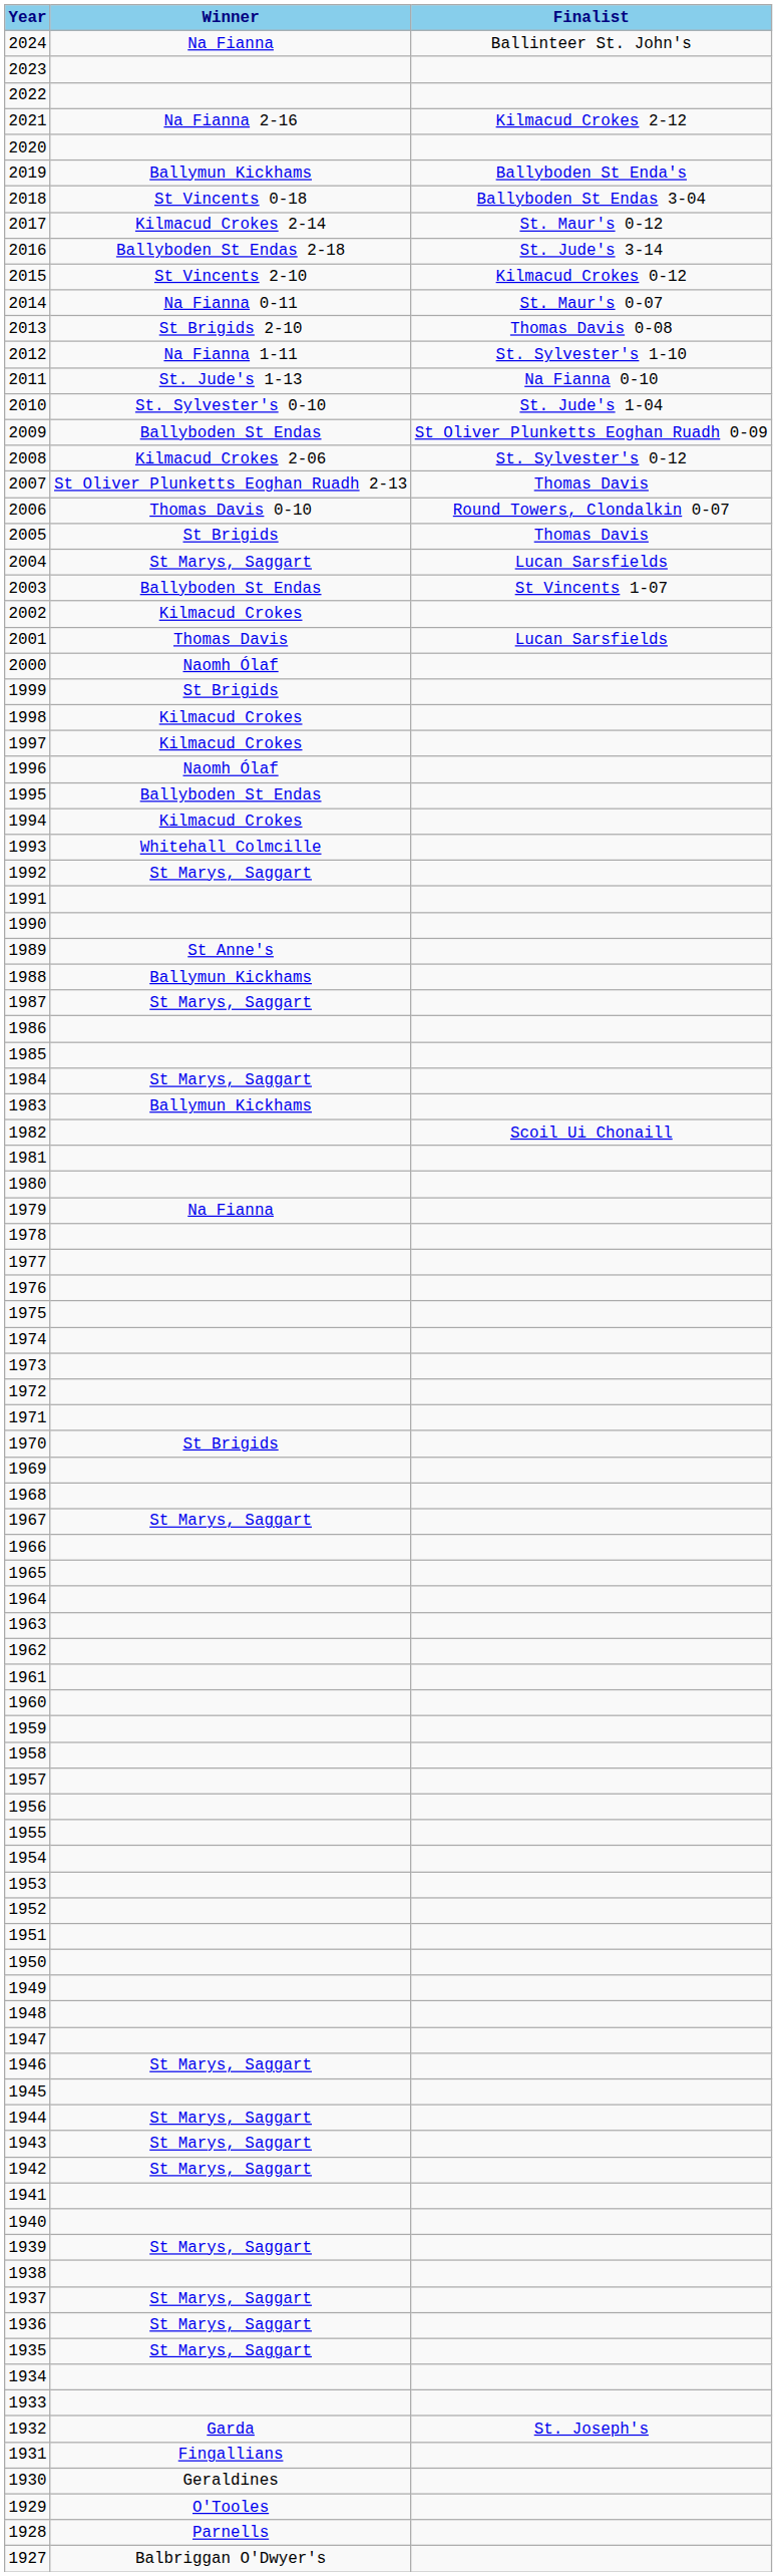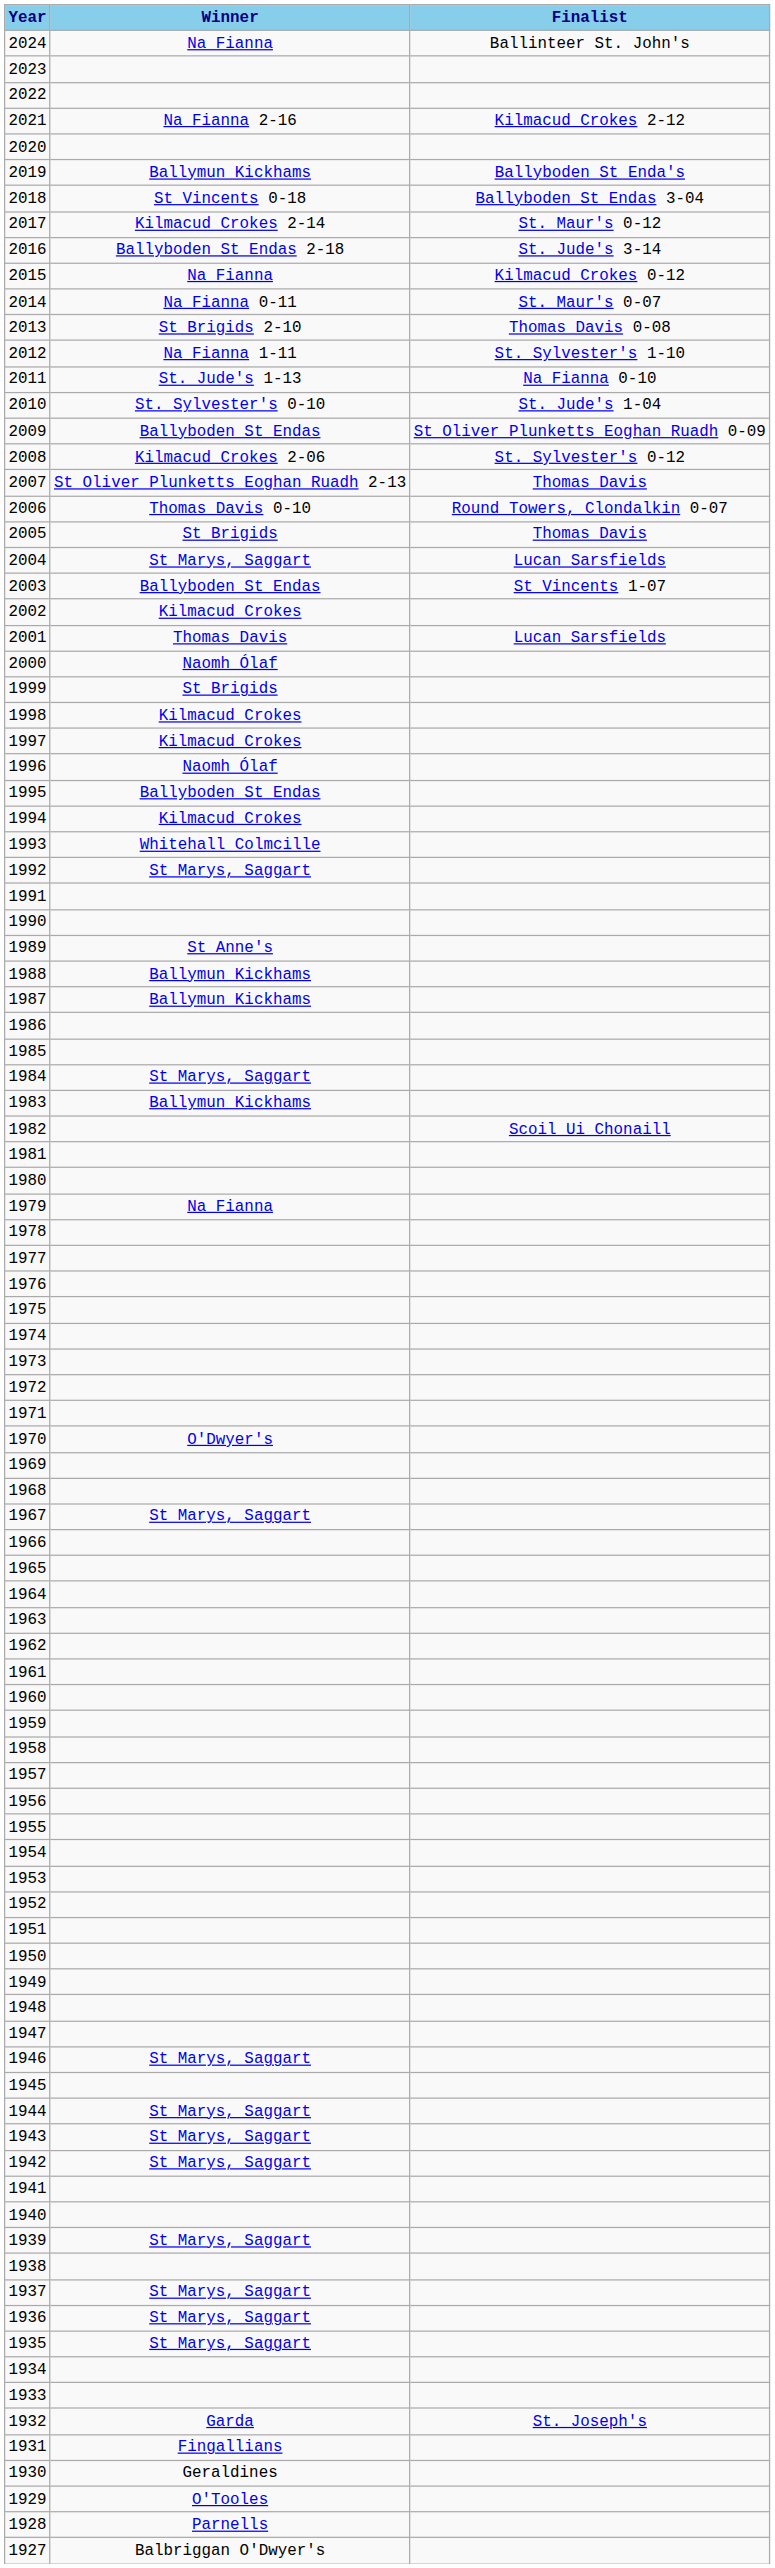 <table class="wikitable" style="text-align:center;">
 <tr>
 <th style="background:skyblue;color:navy;">Year</th>
 <th style="background:skyblue;color:navy;">Winner</th>
 <th style="background:skyblue;color:navy;">Finalist</th>
 </tr>
 <tr>
 <td>2024</td>
 <td><a href='#'>Na Fianna</a></td>
 <td>Ballinteer St. John's</td>
 </tr>
 <tr>
 <td>2023</td>
 <td></td>
 <td></td>
 </tr>
 <tr>
 <td>2022</td>
 <td></td>
 <td></td>
 </tr>
 <tr>
 <td>2021</td>
 <td><a href='#'>Na Fianna</a> 2-16</td>
 <td><a href='#'>Kilmacud Crokes</a> 2-12</td>
 </tr>
 <tr>
 <td>2020</td>
 <td></td>
 <td></td>
 </tr>
 <tr>
 <td>2019</td>
 <td><a href='#'>Ballymun Kickhams</a></td>
 <td><a href='#'>Ballyboden St Enda's</a></td>
 </tr>
 <tr>
 <td>2018</td>
 <td><a href='#'>St Vincents</a>  0-18</td>
 <td><a href='#'>Ballyboden St Endas</a>  3-04</td>
 </tr>
 <tr>
 <td>2017</td>
 <td><a href='#'>Kilmacud Crokes</a> 2-14</td>
 <td><a href='#'>St. Maur's</a> 0-12</td>
 </tr>
 <tr>
 <td>2016</td>
 <td><a href='#'>Ballyboden St Endas</a> 2-18</td>
 <td><a href='#'>St. Jude's</a> 3-14</td>
 </tr>
 <tr>
 <td>2015</td>
-<td><a href='#'>St Vincents</a> 2-10</td>
+<td><a href='#'>Na Fianna</a></td>
 <td><a href='#'>Kilmacud Crokes</a> 0-12</td>
 </tr>
 <tr>
 <td>2014</td>
 <td><a href='#'>Na Fianna</a> 0-11</td>
 <td><a href='#'>St. Maur's</a> 0-07</td>
 </tr>
 <tr>
 <td>2013</td>
 <td><a href='#'>St Brigids</a> 2-10</td>
 <td><a href='#'>Thomas Davis</a> 0-08</td>
 </tr>
 <tr>
 <td>2012</td>
 <td><a href='#'>Na Fianna</a> 1-11</td>
 <td><a href='#'>St. Sylvester's</a> 1-10</td>
 </tr>
 <tr>
 <td>2011</td>
 <td><a href='#'>St. Jude's</a> 1-13</td>
 <td><a href='#'>Na Fianna</a> 0-10</td>
 </tr>
 <tr>
 <td>2010</td>
 <td><a href='#'>St. Sylvester's</a> 0-10</td>
 <td><a href='#'>St. Jude's</a> 1-04</td>
 </tr>
 <tr>
 <td>2009</td>
 <td><a href='#'>Ballyboden St Endas</a></td>
 <td><a href='#'>St Oliver Plunketts Eoghan Ruadh</a> 0-09</td>
 </tr>
 <tr>
 <td>2008</td>
 <td><a href='#'>Kilmacud Crokes</a> 2-06</td>
 <td><a href='#'>St. Sylvester's</a> 0-12</td>
 </tr>
 <tr>
 <td>2007</td>
 <td><a href='#'>St Oliver Plunketts Eoghan Ruadh</a> 2-13</td>
 <td><a href='#'>Thomas Davis</a></td>
 </tr>
 <tr>
 <td>2006</td>
 <td><a href='#'>Thomas Davis</a> 0-10</td>
 <td><a href='#'>Round Towers, Clondalkin</a> 0-07</td>
 </tr>
 <tr>
 <td>2005</td>
 <td><a href='#'>St Brigids</a></td>
 <td><a href='#'>Thomas Davis</a></td>
 </tr>
 <tr>
 <td>2004</td>
 <td><a href='#'>St Marys, Saggart</a></td>
 <td><a href='#'>Lucan Sarsfields</a></td>
 </tr>
 <tr>
 <td>2003</td>
 <td><a href='#'>Ballyboden St Endas</a></td>
 <td><a href='#'>St Vincents</a>  1-07</td>
 </tr>
 <tr>
 <td>2002</td>
 <td><a href='#'>Kilmacud Crokes</a></td>
 <td></td>
 </tr>
 <tr>
 <td>2001</td>
 <td><a href='#'>Thomas Davis</a></td>
 <td><a href='#'>Lucan Sarsfields</a></td>
 </tr>
 <tr>
 <td>2000</td>
 <td><a href='#'>Naomh Ólaf</a></td>
 <td></td>
 </tr>
 <tr>
 <td>1999</td>
 <td><a href='#'>St Brigids</a></td>
 <td></td>
 </tr>
 <tr>
 <td>1998</td>
 <td><a href='#'>Kilmacud Crokes</a></td>
 <td></td>
 </tr>
 <tr>
 <td>1997</td>
 <td><a href='#'>Kilmacud Crokes</a></td>
 <td></td>
 </tr>
 <tr>
 <td>1996</td>
 <td><a href='#'>Naomh Ólaf</a></td>
 <td></td>
 </tr>
 <tr>
 <td>1995</td>
 <td><a href='#'>Ballyboden St Endas</a></td>
 <td></td>
 </tr>
 <tr>
 <td>1994</td>
 <td><a href='#'>Kilmacud Crokes</a></td>
 <td></td>
 </tr>
 <tr>
 <td>1993</td>
 <td><a href='#'>Whitehall Colmcille</a></td>
 <td></td>
 </tr>
 <tr>
 <td>1992</td>
 <td><a href='#'>St Marys, Saggart</a></td>
 <td></td>
 </tr>
 <tr>
 <td>1991</td>
 <td></td>
 <td></td>
 </tr>
 <tr>
 <td>1990</td>
 <td></td>
 <td></td>
 </tr>
 <tr>
 <td>1989</td>
 <td><a href='#'>St Anne's</a></td>
 <td></td>
 </tr>
 <tr>
 <td>1988</td>
 <td><a href='#'>Ballymun Kickhams</a></td>
 <td></td>
 </tr>
 <tr>
 <td>1987</td>
-<td><a href='#'>St Marys, Saggart</a></td>
+<td><a href='#'>Ballymun Kickhams</a></td>
 <td></td>
 </tr>
 <tr>
 <td>1986</td>
 <td></td>
 <td></td>
 </tr>
 <tr>
 <td>1985</td>
 <td></td>
 <td></td>
 </tr>
 <tr>
 <td>1984</td>
 <td><a href='#'>St Marys, Saggart</a></td>
 <td></td>
 </tr>
 <tr>
 <td>1983</td>
 <td><a href='#'>Ballymun Kickhams</a></td>
 <td></td>
 </tr>
 <tr>
 <td>1982</td>
 <td></td>
 <td><a href='#'>Scoil Ui Chonaill</a></td>
 </tr>
 <tr>
 <td>1981</td>
 <td></td>
 <td></td>
 </tr>
 <tr>
 <td>1980</td>
 <td></td>
 <td></td>
 </tr>
 <tr>
 <td>1979</td>
 <td><a href='#'>Na Fianna</a></td>
 <td></td>
 </tr>
 <tr>
 <td>1978</td>
 <td></td>
 <td></td>
 </tr>
 <tr>
 <td>1977</td>
 <td></td>
 <td></td>
 </tr>
 <tr>
 <td>1976</td>
 <td></td>
 <td></td>
 </tr>
 <tr>
 <td>1975</td>
 <td></td>
 <td></td>
 </tr>
 <tr>
 <td>1974</td>
 <td></td>
 <td></td>
 </tr>
 <tr>
 <td>1973</td>
 <td></td>
 <td></td>
 </tr>
 <tr>
 <td>1972</td>
 <td></td>
 <td></td>
 </tr>
 <tr>
 <td>1971</td>
 <td></td>
 <td></td>
 </tr>
 <tr>
 <td>1970</td>
-<td><a href='#'>St Brigids</a></td>
+<td><a href='#'>O'Dwyer's</a></td>
 <td></td>
 </tr>
 <tr>
 <td>1969</td>
 <td></td>
 <td></td>
 </tr>
 <tr>
 <td>1968</td>
 <td></td>
 <td></td>
 </tr>
 <tr>
 <td>1967</td>
 <td><a href='#'>St Marys, Saggart</a></td>
 <td></td>
 </tr>
 <tr>
 <td>1966</td>
 <td></td>
 <td></td>
 </tr>
 <tr>
 <td>1965</td>
 <td></td>
 <td></td>
 </tr>
 <tr>
 <td>1964</td>
 <td></td>
 <td></td>
 </tr>
 <tr>
 <td>1963</td>
 <td></td>
 <td></td>
 </tr>
 <tr>
 <td>1962</td>
 <td></td>
 <td></td>
 </tr>
 <tr>
 <td>1961</td>
 <td></td>
 <td></td>
 </tr>
 <tr>
 <td>1960</td>
 <td></td>
 <td></td>
 </tr>
 <tr>
 <td>1959</td>
 <td></td>
 <td></td>
 </tr>
 <tr>
 <td>1958</td>
 <td></td>
 <td></td>
 </tr>
 <tr>
 <td>1957</td>
 <td></td>
 <td></td>
 </tr>
 <tr>
 <td>1956</td>
 <td></td>
 <td></td>
 </tr>
 <tr>
 <td>1955</td>
 <td></td>
 <td></td>
 </tr>
 <tr>
 <td>1954</td>
 <td></td>
 <td></td>
 </tr>
 <tr>
 <td>1953</td>
 <td></td>
 <td></td>
 </tr>
 <tr>
 <td>1952</td>
 <td></td>
 <td></td>
 </tr>
 <tr>
 <td>1951</td>
 <td></td>
 <td></td>
 </tr>
 <tr>
 <td>1950</td>
 <td></td>
 <td></td>
 </tr>
 <tr>
 <td>1949</td>
 <td></td>
 <td></td>
 </tr>
 <tr>
 <td>1948</td>
 <td></td>
 <td></td>
 </tr>
 <tr>
 <td>1947</td>
 <td></td>
 <td></td>
 </tr>
 <tr>
 <td>1946</td>
 <td><a href='#'>St Marys, Saggart</a></td>
 <td></td>
 </tr>
 <tr>
 <td>1945</td>
 <td></td>
 <td></td>
 </tr>
 <tr>
 <td>1944</td>
 <td><a href='#'>St Marys, Saggart</a></td>
 <td></td>
 </tr>
 <tr>
 <td>1943</td>
 <td><a href='#'>St Marys, Saggart</a></td>
 <td></td>
 </tr>
 <tr>
 <td>1942</td>
 <td><a href='#'>St Marys, Saggart</a></td>
 <td></td>
 </tr>
 <tr>
 <td>1941</td>
 <td></td>
 <td></td>
 </tr>
 <tr>
 <td>1940</td>
 <td></td>
 <td></td>
 </tr>
 <tr>
 <td>1939</td>
 <td><a href='#'>St Marys, Saggart</a></td>
 <td></td>
 </tr>
 <tr>
 <td>1938</td>
 <td></td>
 <td></td>
 </tr>
 <tr>
 <td>1937</td>
 <td><a href='#'>St Marys, Saggart</a></td>
 <td></td>
 </tr>
 <tr>
 <td>1936</td>
 <td><a href='#'>St Marys, Saggart</a></td>
 <td></td>
 </tr>
 <tr>
 <td>1935</td>
 <td><a href='#'>St Marys, Saggart</a></td>
 <td></td>
 </tr>
 <tr>
 <td>1934</td>
 <td></td>
 <td></td>
 </tr>
 <tr>
 <td>1933</td>
 <td></td>
 <td></td>
 </tr>
 <tr>
 <td>1932</td>
 <td><a href='#'>Garda</a></td>
 <td><a href='#'>St. Joseph's</a></td>
 </tr>
 <tr>
 <td>1931</td>
 <td><a href='#'>Fingallians</a></td>
 <td></td>
 </tr>
 <tr>
 <td>1930</td>
 <td>Geraldines</td>
 <td></td>
 </tr>
 <tr>
 <td>1929</td>
 <td><a href='#'>O'Tooles</a></td>
 <td></td>
 </tr>
 <tr>
 <td>1928</td>
 <td><a href='#'>Parnells</a></td>
 <td></td>
 </tr>
 <tr>
 <td>1927</td>
 <td>Balbriggan O'Dwyer's</td>
 <td></td>
 </tr>
 </table>
